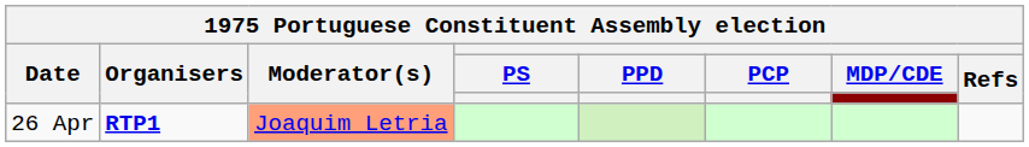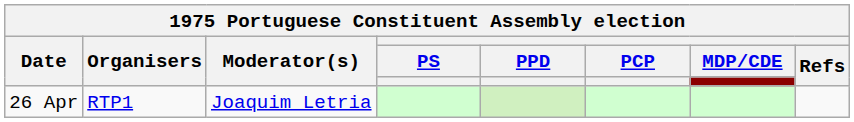 <table class="wikitable" style="font-size:98%; text-align:center;">
 <tr>
 <th colspan="20">1975 Portuguese Constituent Assembly election</th>
 </tr>
 <tr>
 <th rowspan="3">Date</th>
 <th rowspan="3">Organisers</th>
 <th rowspan="3">Moderator(s)</th>
 <th colspan="18">      </th>
 </tr>
 <tr>
 <th scope="col" style="width:5em;"><a href='#'>PS</a></th>
 <th scope="col" style="width:5em;"><a href='#'>PPD</a></th>
 <th scope="col" style="width:5em;"><a href='#'>PCP</a></th>
 <th scope="col" style="width:5em;"><a href='#'>MDP/CDE</a></th>
 <th rowspan="2">Refs</th>
 </tr>
 <tr>
 <th style="color:inherit;background:"></th>
 <th style="color:inherit;background:"></th>
 <th style="color:inherit;background:"></th>
 <th style="color:inherit;background:darkRed;"></th>
 </tr>
 <tr>
 <td style="white-space:nowrap; text-align:left;">26 Apr</td>
-<td style="white-space:nowrap; text-align:left;"><strong><a href='#'>RTP1</a></strong></td>
-<td style="background: lightsalmon; white-space:nowrap; text-align:left;"><a href='#'>Joaquim Letria</a></td>
+<td style="white-space:nowrap; text-align:left;"><a href='#'>RTP1</a></td>
+<td style="white-space:nowrap; text-align:left;"><a href='#'>Joaquim Letria</a></td>
 <td style="background:#D0FFD0;"><strong></strong></td>
 <td style="background:#D0F0C0;"><strong></strong></td>
 <td style="background:#D0FFD0;"><strong></strong></td>
 <td style="background:#D0FFD0;"><strong></strong></td>
 <td></td>
 </tr>
 </table>
